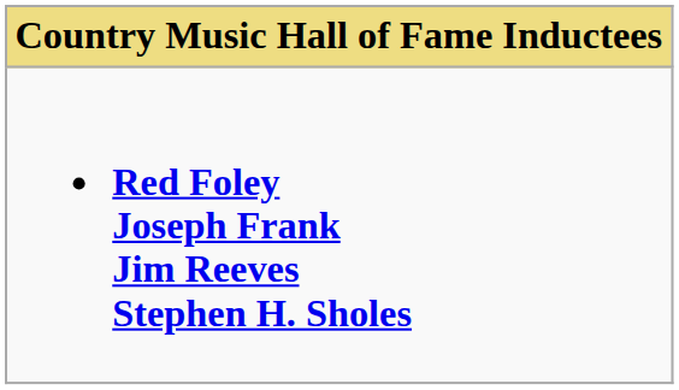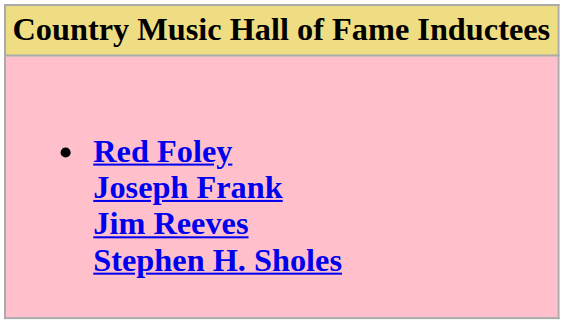 <table class="wikitable">
 <tr>
 <th style="background:#EEDD82; width=50%">Country Music Hall of Fame Inductees</th>
 </tr>
 <tr>
-<td valign="top"><br><ul><li><strong><a href='#'>Red Foley</a></strong><br><strong><a href='#'>Joseph Frank</a></strong><br><strong><a href='#'>Jim Reeves</a></strong><br><strong><a href='#'>Stephen H. Sholes</a></strong></li></ul></td>
+<td valign="top" style="background: pink;"><br><ul><li><strong><a href='#'>Red Foley</a></strong><br><strong><a href='#'>Joseph Frank</a></strong><br><strong><a href='#'>Jim Reeves</a></strong><br><strong><a href='#'>Stephen H. Sholes</a></strong></li></ul></td>
 </tr>
 </table>
